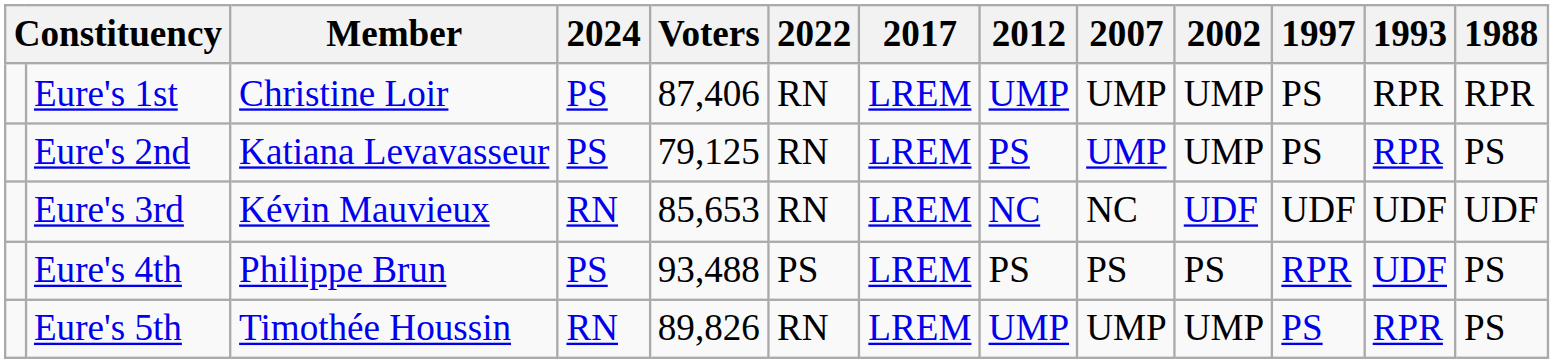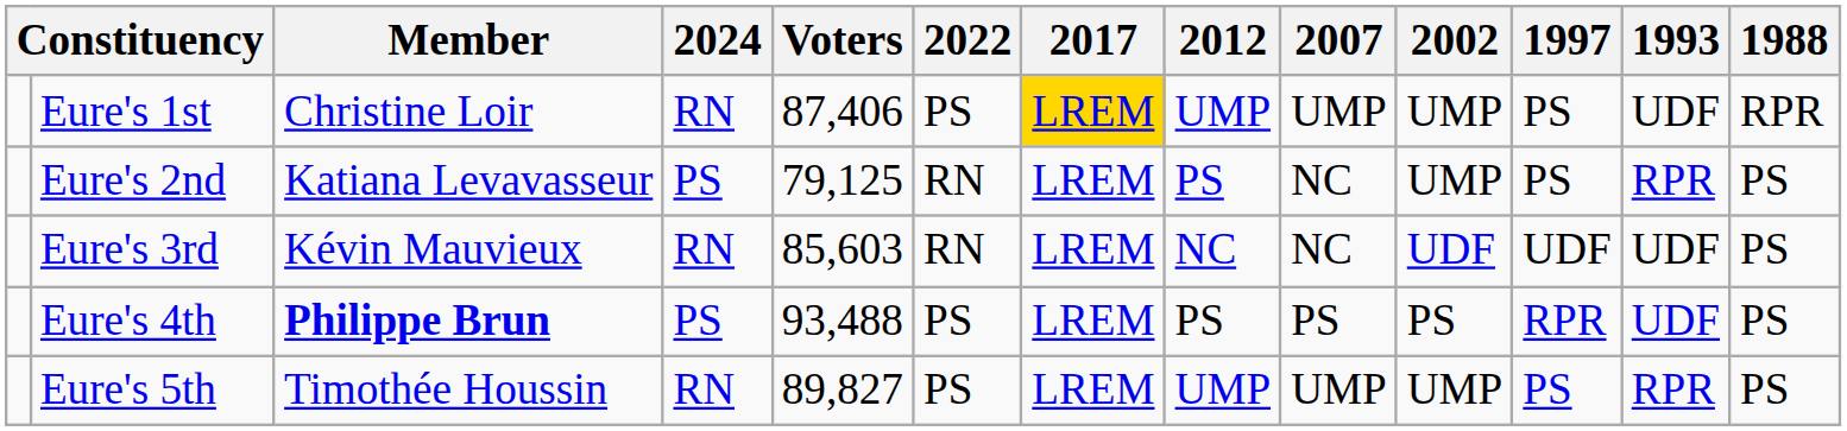 <table class="wikitable sortable">
 <tr>
 <th colspan="2">Constituency</th>
 <th>Member</th>
 <th>2024</th>
 <th>Voters</th>
 <th>2022</th>
 <th>2017</th>
 <th>2012</th>
 <th>2007</th>
 <th>2002</th>
 <th>1997</th>
 <th>1993</th>
 <th>1988</th>
 </tr>
 <tr>
 <td style="background-color: "></td>
 <td><a href='#'>Eure's 1st</a></td>
 <td><a href='#'>Christine Loir</a></td>
-<td bgcolor=><a href='#'>PS</a></td>
+<td><a href='#'>RN</a></td>
 <td>87,406</td>
-<td>RN</td>
-<td><a href='#'>LREM</a></td>
+<td bgcolor=>PS</td>
+<td style="background: gold;"><a href='#'>LREM</a></td>
 <td bgcolor=><a href='#'>UMP</a></td>
 <td bgcolor=>UMP</td>
 <td bgcolor=>UMP</td>
 <td bgcolor=>PS</td>
-<td bgcolor=>RPR</td>
+<td bgcolor=>UDF</td>
 <td bgcolor=>RPR</td>
 </tr>
 <tr>
 <td style="background-color: "></td>
 <td><a href='#'>Eure's 2nd</a></td>
 <td><a href='#'>Katiana Levavasseur</a></td>
 <td bgcolor=><a href='#'>PS</a></td>
 <td>79,125</td>
 <td>RN</td>
 <td><a href='#'>LREM</a></td>
 <td bgcolor=><a href='#'>PS</a></td>
-<td bgcolor=><a href='#'>UMP</a></td>
+<td bgcolor=>NC</td>
 <td bgcolor=>UMP</td>
 <td bgcolor=>PS</td>
 <td bgcolor=><a href='#'>RPR</a></td>
 <td bgcolor=>PS</td>
 </tr>
 <tr>
 <td style="background-color: "></td>
 <td><a href='#'>Eure's 3rd</a></td>
 <td><a href='#'>Kévin Mauvieux</a></td>
 <td><a href='#'>RN</a></td>
-<td>85,653</td>
+<td>85,603</td>
 <td>RN</td>
 <td><a href='#'>LREM</a></td>
 <td bgcolor=><a href='#'>NC</a></td>
 <td bgcolor=>NC</td>
 <td bgcolor=><a href='#'>UDF</a></td>
 <td bgcolor=>UDF</td>
 <td bgcolor=>UDF</td>
-<td bgcolor=>UDF</td>
+<td bgcolor=>PS</td>
 </tr>
 <tr>
 <td style="background-color: "></td>
 <td><a href='#'>Eure's 4th</a></td>
-<td><a href='#'>Philippe Brun</a></td>
+<td><strong><a href='#'>Philippe Brun</a></strong></td>
 <td bgcolor=><a href='#'>PS</a></td>
 <td>93,488</td>
 <td bgcolor=>PS</td>
 <td><a href='#'>LREM</a></td>
 <td bgcolor=>PS</td>
 <td bgcolor=>PS</td>
 <td bgcolor=>PS</td>
 <td bgcolor=><a href='#'>RPR</a></td>
 <td bgcolor=><a href='#'>UDF</a></td>
 <td bgcolor=>PS</td>
 </tr>
 <tr>
 <td style="background-color: "></td>
 <td><a href='#'>Eure's 5th</a></td>
 <td><a href='#'>Timothée Houssin</a></td>
 <td><a href='#'>RN</a></td>
-<td>89,826</td>
-<td>RN</td>
+<td>89,827</td>
+<td bgcolor=>PS</td>
 <td><a href='#'>LREM</a></td>
 <td bgcolor=><a href='#'>UMP</a></td>
 <td bgcolor=>UMP</td>
 <td bgcolor=>UMP</td>
 <td bgcolor=><a href='#'>PS</a></td>
 <td bgcolor=><a href='#'>RPR</a></td>
 <td bgcolor=>PS</td>
 </tr>
 </table>
